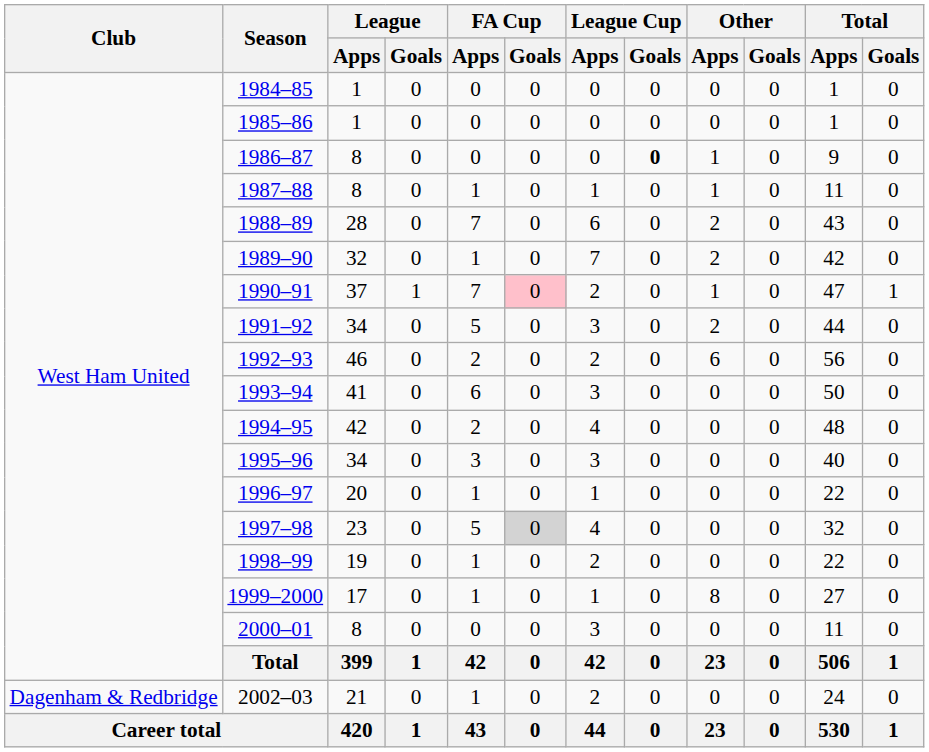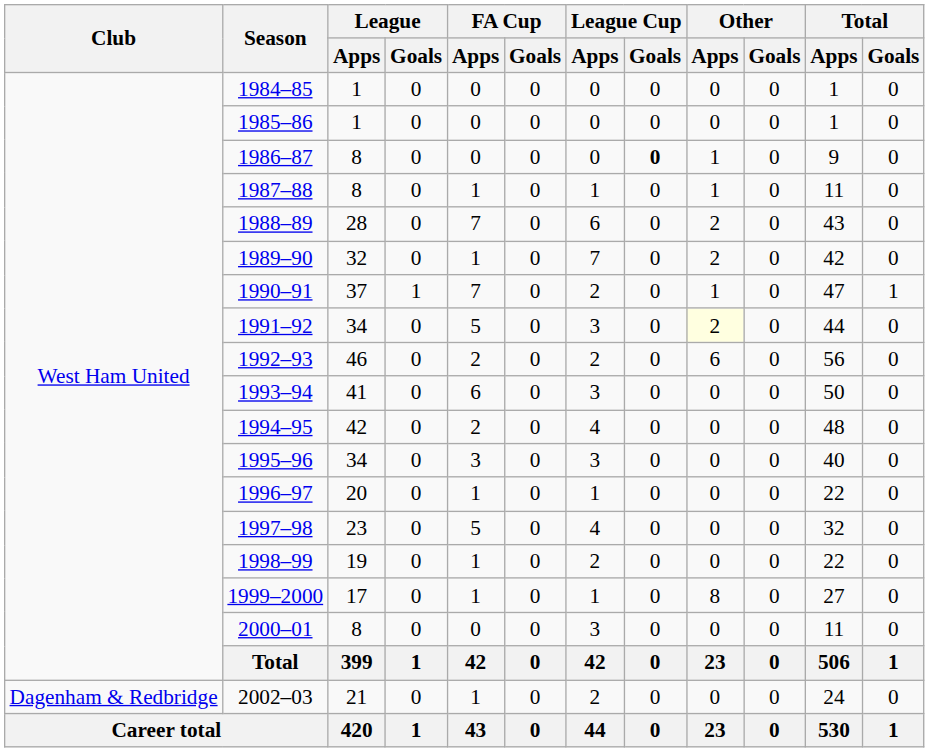 <table class="wikitable" style="text-align:center">
 <tr>
 <th rowspan="2">Club</th>
 <th rowspan="2">Season</th>
 <th colspan="2">League</th>
 <th colspan="2">FA Cup</th>
 <th colspan="2">League Cup</th>
 <th colspan="2">Other</th>
 <th colspan="2">Total</th>
 </tr>
 <tr>
 <th>Apps</th>
 <th>Goals</th>
 <th>Apps</th>
 <th>Goals</th>
 <th>Apps</th>
 <th>Goals</th>
 <th>Apps</th>
 <th>Goals</th>
 <th>Apps</th>
 <th>Goals</th>
 </tr>
 <tr>
 <td rowspan="18"><a href='#'>West Ham United</a></td>
 <td><a href='#'>1984–85</a></td>
 <td>1</td>
 <td>0</td>
 <td>0</td>
 <td>0</td>
 <td>0</td>
 <td>0</td>
 <td>0</td>
 <td>0</td>
 <td>1</td>
 <td>0</td>
 </tr>
 <tr>
 <td><a href='#'>1985–86</a></td>
 <td>1</td>
 <td>0</td>
 <td>0</td>
 <td>0</td>
 <td>0</td>
 <td>0</td>
 <td>0</td>
 <td>0</td>
 <td>1</td>
 <td>0</td>
 </tr>
 <tr>
 <td><a href='#'>1986–87</a></td>
 <td>8</td>
 <td>0</td>
 <td>0</td>
 <td>0</td>
 <td>0</td>
 <td><strong>0</strong></td>
 <td>1</td>
 <td>0</td>
 <td>9</td>
 <td>0</td>
 </tr>
 <tr>
 <td><a href='#'>1987–88</a></td>
 <td>8</td>
 <td>0</td>
 <td>1</td>
 <td>0</td>
 <td>1</td>
 <td>0</td>
 <td>1</td>
 <td>0</td>
 <td>11</td>
 <td>0</td>
 </tr>
 <tr>
 <td><a href='#'>1988–89</a></td>
 <td>28</td>
 <td>0</td>
 <td>7</td>
 <td>0</td>
 <td>6</td>
 <td>0</td>
 <td>2</td>
 <td>0</td>
 <td>43</td>
 <td>0</td>
 </tr>
 <tr>
 <td><a href='#'>1989–90</a></td>
 <td>32</td>
 <td>0</td>
 <td>1</td>
 <td>0</td>
 <td>7</td>
 <td>0</td>
 <td>2</td>
 <td>0</td>
 <td>42</td>
 <td>0</td>
 </tr>
 <tr>
 <td><a href='#'>1990–91</a></td>
 <td>37</td>
 <td>1</td>
 <td>7</td>
-<td style="background: pink;">0</td>
+<td>0</td>
 <td>2</td>
 <td>0</td>
 <td>1</td>
 <td>0</td>
 <td>47</td>
 <td>1</td>
 </tr>
 <tr>
 <td><a href='#'>1991–92</a></td>
 <td>34</td>
 <td>0</td>
 <td>5</td>
 <td>0</td>
 <td>3</td>
 <td>0</td>
-<td>2</td>
+<td style="background: lightyellow;">2</td>
 <td>0</td>
 <td>44</td>
 <td>0</td>
 </tr>
 <tr>
 <td><a href='#'>1992–93</a></td>
 <td>46</td>
 <td>0</td>
 <td>2</td>
 <td>0</td>
 <td>2</td>
 <td>0</td>
 <td>6</td>
 <td>0</td>
 <td>56</td>
 <td>0</td>
 </tr>
 <tr>
 <td><a href='#'>1993–94</a></td>
 <td>41</td>
 <td>0</td>
 <td>6</td>
 <td>0</td>
 <td>3</td>
 <td>0</td>
 <td>0</td>
 <td>0</td>
 <td>50</td>
 <td>0</td>
 </tr>
 <tr>
 <td><a href='#'>1994–95</a></td>
 <td>42</td>
 <td>0</td>
 <td>2</td>
 <td>0</td>
 <td>4</td>
 <td>0</td>
 <td>0</td>
 <td>0</td>
 <td>48</td>
 <td>0</td>
 </tr>
 <tr>
 <td><a href='#'>1995–96</a></td>
 <td>34</td>
 <td>0</td>
 <td>3</td>
 <td>0</td>
 <td>3</td>
 <td>0</td>
 <td>0</td>
 <td>0</td>
 <td>40</td>
 <td>0</td>
 </tr>
 <tr>
 <td><a href='#'>1996–97</a></td>
 <td>20</td>
 <td>0</td>
 <td>1</td>
 <td>0</td>
 <td>1</td>
 <td>0</td>
 <td>0</td>
 <td>0</td>
 <td>22</td>
 <td>0</td>
 </tr>
 <tr>
 <td><a href='#'>1997–98</a></td>
 <td>23</td>
 <td>0</td>
 <td>5</td>
-<td style="background: lightgrey;">0</td>
+<td>0</td>
 <td>4</td>
 <td>0</td>
 <td>0</td>
 <td>0</td>
 <td>32</td>
 <td>0</td>
 </tr>
 <tr>
 <td><a href='#'>1998–99</a></td>
 <td>19</td>
 <td>0</td>
 <td>1</td>
 <td>0</td>
 <td>2</td>
 <td>0</td>
 <td>0</td>
 <td>0</td>
 <td>22</td>
 <td>0</td>
 </tr>
 <tr>
 <td><a href='#'>1999–2000</a></td>
 <td>17</td>
 <td>0</td>
 <td>1</td>
 <td>0</td>
 <td>1</td>
 <td>0</td>
 <td>8</td>
 <td>0</td>
 <td>27</td>
 <td>0</td>
 </tr>
 <tr>
 <td><a href='#'>2000–01</a></td>
 <td>8</td>
 <td>0</td>
 <td>0</td>
 <td>0</td>
 <td>3</td>
 <td>0</td>
 <td>0</td>
 <td>0</td>
 <td>11</td>
 <td>0</td>
 </tr>
 <tr>
 <th colspan="1">Total</th>
 <th>399</th>
 <th>1</th>
 <th>42</th>
 <th>0</th>
 <th>42</th>
 <th>0</th>
 <th>23</th>
 <th>0</th>
 <th>506</th>
 <th>1</th>
 </tr>
 <tr>
 <td><a href='#'>Dagenham & Redbridge</a></td>
 <td>2002–03</td>
 <td>21</td>
 <td>0</td>
 <td>1</td>
 <td>0</td>
 <td>2</td>
 <td>0</td>
 <td>0</td>
 <td>0</td>
 <td>24</td>
 <td>0</td>
 </tr>
 <tr>
 <th colspan="2">Career total</th>
 <th>420</th>
 <th>1</th>
 <th>43</th>
 <th>0</th>
 <th>44</th>
 <th>0</th>
 <th>23</th>
 <th>0</th>
 <th>530</th>
 <th>1</th>
 </tr>
 </table>
